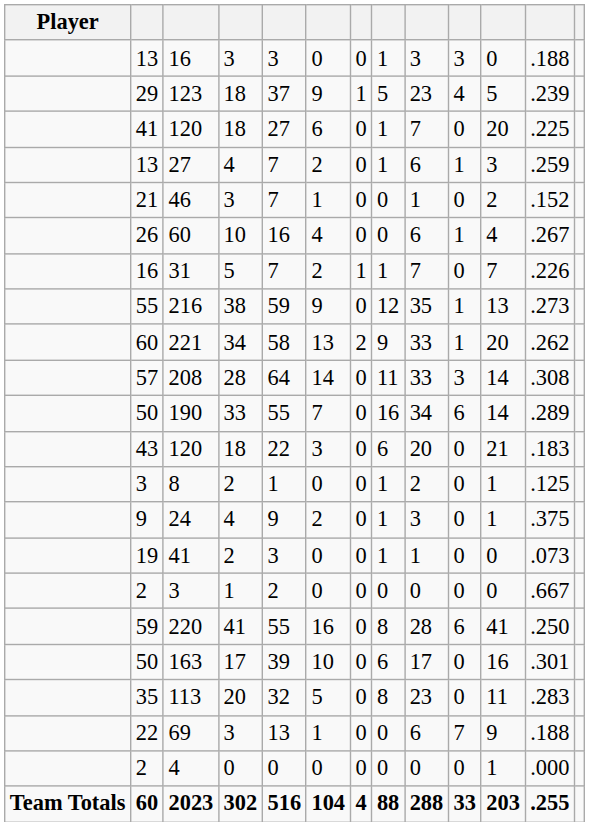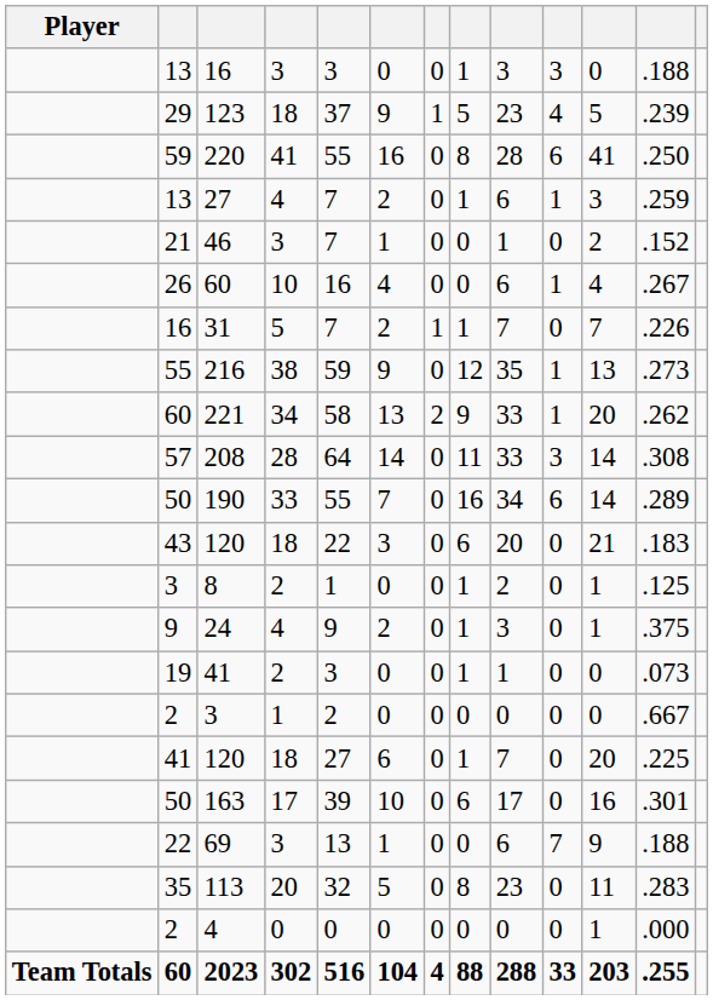 <table class="wikitable sortable">
 <tr>
 <th>Player</th>
 <th></th>
 <th></th>
 <th></th>
 <th></th>
 <th></th>
 <th></th>
 <th></th>
 <th></th>
 <th></th>
 <th></th>
 <th></th>
 <th></th>
 </tr>
 <tr align=left>
 <td></td>
 <td>13</td>
 <td>16</td>
 <td>3</td>
 <td>3</td>
 <td>0</td>
 <td>0</td>
 <td>1</td>
 <td>3</td>
 <td>3</td>
 <td>0</td>
 <td>.188</td>
 <td></td>
 </tr>
 <tr align=left>
 <td></td>
 <td>29</td>
 <td>123</td>
 <td>18</td>
 <td>37</td>
 <td>9</td>
 <td>1</td>
 <td>5</td>
 <td>23</td>
 <td>4</td>
 <td>5</td>
 <td>.239</td>
 <td></td>
 </tr>
 <tr align=left>
 <td></td>
+<td>59</td>
+<td>220</td>
 <td>41</td>
-<td>120</td>
-<td>18</td>
-<td>27</td>
+<td>55</td>
+<td>16</td>
+<td>0</td>
+<td>8</td>
+<td>28</td>
 <td>6</td>
-<td>0</td>
-<td>1</td>
-<td>7</td>
-<td>0</td>
-<td>20</td>
-<td>.225</td>
+<td>41</td>
+<td>.250</td>
 <td></td>
 </tr>
 <tr align=left>
 <td></td>
 <td>13</td>
 <td>27</td>
 <td>4</td>
 <td>7</td>
 <td>2</td>
 <td>0</td>
 <td>1</td>
 <td>6</td>
 <td>1</td>
 <td>3</td>
 <td>.259</td>
 <td></td>
 </tr>
 <tr align=left>
 <td></td>
 <td>21</td>
 <td>46</td>
 <td>3</td>
 <td>7</td>
 <td>1</td>
 <td>0</td>
 <td>0</td>
 <td>1</td>
 <td>0</td>
 <td>2</td>
 <td>.152</td>
 <td></td>
 </tr>
 <tr align=left>
 <td></td>
 <td>26</td>
 <td>60</td>
 <td>10</td>
 <td>16</td>
 <td>4</td>
 <td>0</td>
 <td>0</td>
 <td>6</td>
 <td>1</td>
 <td>4</td>
 <td>.267</td>
 <td></td>
 </tr>
 <tr align=left>
 <td></td>
 <td>16</td>
 <td>31</td>
 <td>5</td>
 <td>7</td>
 <td>2</td>
 <td>1</td>
 <td>1</td>
 <td>7</td>
 <td>0</td>
 <td>7</td>
 <td>.226</td>
 <td></td>
 </tr>
 <tr align=left>
 <td></td>
 <td>55</td>
 <td>216</td>
 <td>38</td>
 <td>59</td>
 <td>9</td>
 <td>0</td>
 <td>12</td>
 <td>35</td>
 <td>1</td>
 <td>13</td>
 <td>.273</td>
 <td></td>
 </tr>
 <tr align=left>
 <td></td>
 <td>60</td>
 <td>221</td>
 <td>34</td>
 <td>58</td>
 <td>13</td>
 <td>2</td>
 <td>9</td>
 <td>33</td>
 <td>1</td>
 <td>20</td>
 <td>.262</td>
 <td></td>
 </tr>
 <tr align=left>
 <td></td>
 <td>57</td>
 <td>208</td>
 <td>28</td>
 <td>64</td>
 <td>14</td>
 <td>0</td>
 <td>11</td>
 <td>33</td>
 <td>3</td>
 <td>14</td>
 <td>.308</td>
 <td></td>
 </tr>
 <tr align=left>
 <td></td>
 <td>50</td>
 <td>190</td>
 <td>33</td>
 <td>55</td>
 <td>7</td>
 <td>0</td>
 <td>16</td>
 <td>34</td>
 <td>6</td>
 <td>14</td>
 <td>.289</td>
 <td></td>
 </tr>
 <tr align=left>
 <td></td>
 <td>43</td>
 <td>120</td>
 <td>18</td>
 <td>22</td>
 <td>3</td>
 <td>0</td>
 <td>6</td>
 <td>20</td>
 <td>0</td>
 <td>21</td>
 <td>.183</td>
 <td></td>
 </tr>
 <tr align=left>
 <td></td>
 <td>3</td>
 <td>8</td>
 <td>2</td>
 <td>1</td>
 <td>0</td>
 <td>0</td>
 <td>1</td>
 <td>2</td>
 <td>0</td>
 <td>1</td>
 <td>.125</td>
 <td></td>
 </tr>
 <tr align=left>
 <td></td>
 <td>9</td>
 <td>24</td>
 <td>4</td>
 <td>9</td>
 <td>2</td>
 <td>0</td>
 <td>1</td>
 <td>3</td>
 <td>0</td>
 <td>1</td>
 <td>.375</td>
 <td></td>
 </tr>
 <tr align=left>
 <td></td>
 <td>19</td>
 <td>41</td>
 <td>2</td>
 <td>3</td>
 <td>0</td>
 <td>0</td>
 <td>1</td>
 <td>1</td>
 <td>0</td>
 <td>0</td>
 <td>.073</td>
 <td></td>
 </tr>
 <tr align=left>
 <td></td>
 <td>2</td>
 <td>3</td>
 <td>1</td>
 <td>2</td>
 <td>0</td>
 <td>0</td>
 <td>0</td>
 <td>0</td>
 <td>0</td>
 <td>0</td>
 <td>.667</td>
 <td></td>
 </tr>
 <tr align=left>
 <td></td>
-<td>59</td>
-<td>220</td>
 <td>41</td>
-<td>55</td>
-<td>16</td>
+<td>120</td>
+<td>18</td>
+<td>27</td>
+<td>6</td>
 <td>0</td>
-<td>8</td>
-<td>28</td>
-<td>6</td>
-<td>41</td>
-<td>.250</td>
+<td>1</td>
+<td>7</td>
+<td>0</td>
+<td>20</td>
+<td>.225</td>
 <td></td>
 </tr>
 <tr align=left>
 <td></td>
 <td>50</td>
 <td>163</td>
 <td>17</td>
 <td>39</td>
 <td>10</td>
 <td>0</td>
 <td>6</td>
 <td>17</td>
 <td>0</td>
 <td>16</td>
 <td>.301</td>
 <td></td>
 </tr>
 <tr align=left>
 <td></td>
+<td>22</td>
+<td>69</td>
+<td>3</td>
+<td>13</td>
+<td>1</td>
+<td>0</td>
+<td>0</td>
+<td>6</td>
+<td>7</td>
+<td>9</td>
+<td>.188</td>
+<td></td>
+</tr>
+<tr align=left>
+<td></td>
 <td>35</td>
 <td>113</td>
 <td>20</td>
 <td>32</td>
 <td>5</td>
 <td>0</td>
 <td>8</td>
 <td>23</td>
 <td>0</td>
 <td>11</td>
 <td>.283</td>
-<td></td>
-</tr>
-<tr align=left>
-<td></td>
-<td>22</td>
-<td>69</td>
-<td>3</td>
-<td>13</td>
-<td>1</td>
-<td>0</td>
-<td>0</td>
-<td>6</td>
-<td>7</td>
-<td>9</td>
-<td>.188</td>
 <td></td>
 </tr>
 <tr align=left>
 <td></td>
 <td>2</td>
 <td>4</td>
 <td>0</td>
 <td>0</td>
 <td>0</td>
 <td>0</td>
 <td>0</td>
 <td>0</td>
 <td>0</td>
 <td>1</td>
 <td>.000</td>
 <td></td>
 </tr>
 <tr align=left>
 <td><strong>Team Totals</strong></td>
 <td><strong>60</strong></td>
 <td><strong>2023</strong></td>
 <td><strong>302</strong></td>
 <td><strong>516</strong></td>
 <td><strong>104</strong></td>
 <td><strong>4</strong></td>
 <td><strong>88</strong></td>
 <td><strong>288</strong></td>
 <td><strong>33</strong></td>
 <td><strong>203</strong></td>
 <td><strong>.255</strong></td>
 <td></td>
 </tr>
 </table>
